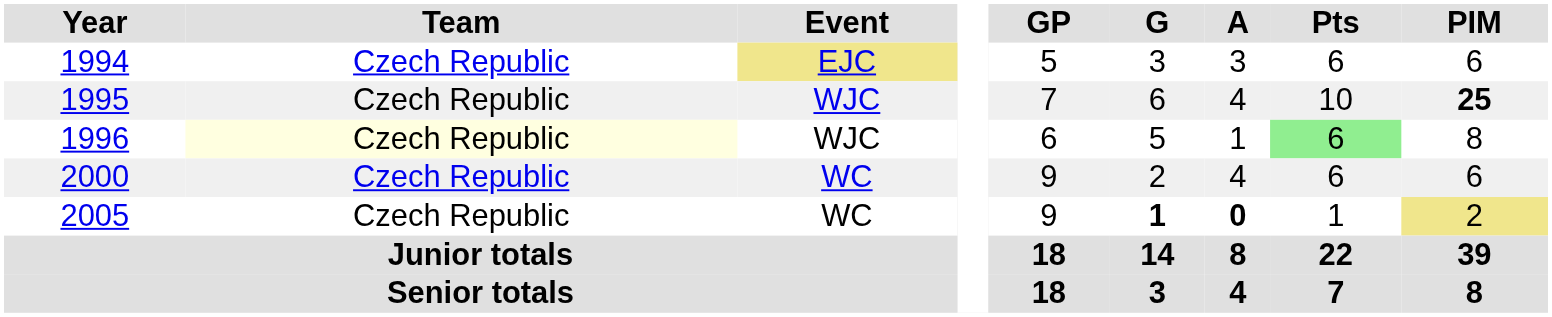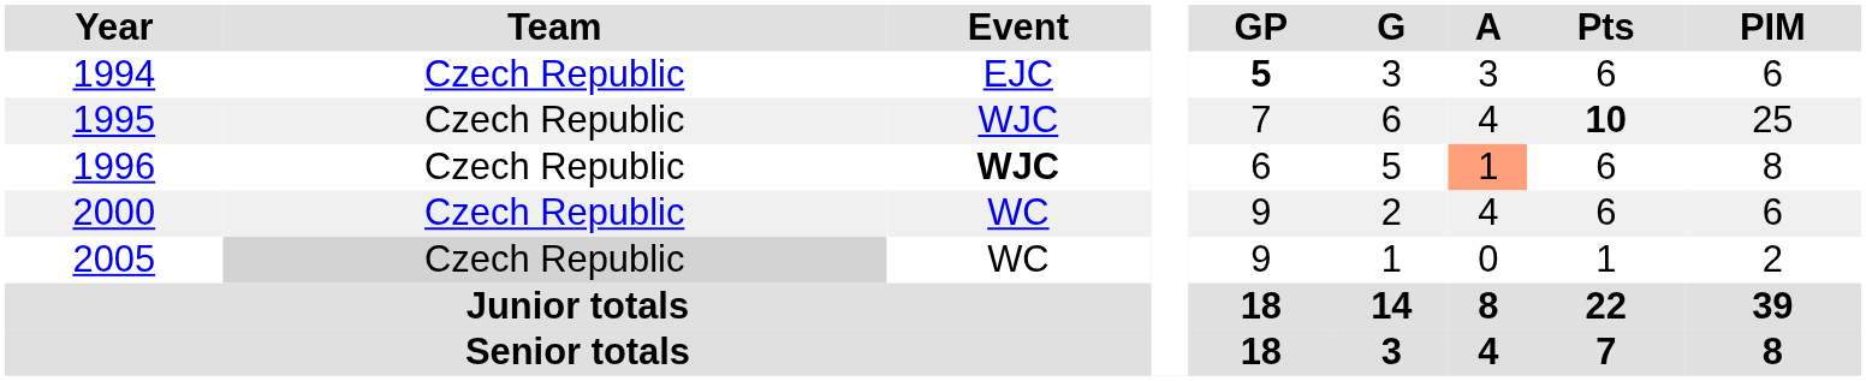 <table border="0" cellpadding="1" cellspacing="0" style="text-align:center; width:50em">
 <tr ALIGN="center" bgcolor="#e0e0e0">
 <th>Year</th>
 <th>Team</th>
 <th>Event</th>
 <th ALIGN="center" rowspan="99" bgcolor="#ffffff"> </th>
 <th>GP</th>
 <th>G</th>
 <th>A</th>
 <th>Pts</th>
 <th>PIM</th>
 </tr>
 <tr>
 <td><a href='#'>1994</a></td>
 <td><a href='#'>Czech Republic</a></td>
-<td style="background: khaki;"><a href='#'>EJC</a></td>
-<td>5</td>
+<td><a href='#'>EJC</a></td>
+<td><strong>5</strong></td>
 <td>3</td>
 <td>3</td>
 <td>6</td>
 <td>6</td>
 </tr>
 <tr bgcolor="#f0f0f0">
 <td><a href='#'>1995</a></td>
 <td>Czech Republic</td>
 <td><a href='#'>WJC</a></td>
 <td>7</td>
 <td>6</td>
 <td>4</td>
-<td>10</td>
-<td><strong>25</strong></td>
+<td><strong>10</strong></td>
+<td>25</td>
 </tr>
 <tr>
 <td><a href='#'>1996</a></td>
-<td style="background: lightyellow;">Czech Republic</td>
-<td>WJC</td>
+<td>Czech Republic</td>
+<td><strong>WJC</strong></td>
 <td>6</td>
 <td>5</td>
-<td>1</td>
-<td style="background: lightgreen;">6</td>
+<td style="background: lightsalmon;">1</td>
+<td>6</td>
 <td>8</td>
 </tr>
 <tr bgcolor="#f0f0f0">
 <td><a href='#'>2000</a></td>
 <td><a href='#'>Czech Republic</a></td>
 <td><a href='#'>WC</a></td>
 <td>9</td>
 <td>2</td>
 <td>4</td>
 <td>6</td>
 <td>6</td>
 </tr>
 <tr>
 <td><a href='#'>2005</a></td>
-<td>Czech Republic</td>
+<td style="background: lightgrey;">Czech Republic</td>
 <td>WC</td>
 <td>9</td>
-<td><strong>1</strong></td>
-<td><strong>0</strong></td>
 <td>1</td>
-<td style="background: khaki;">2</td>
+<td>0</td>
+<td>1</td>
+<td>2</td>
 </tr>
 <tr bgcolor="#e0e0e0">
 <th colspan="3">Junior totals</th>
 <th>18</th>
 <th>14</th>
 <th>8</th>
 <th>22</th>
 <th>39</th>
 </tr>
 <tr bgcolor="#e0e0e0">
 <th colspan="3">Senior totals</th>
 <th>18</th>
 <th>3</th>
 <th>4</th>
 <th>7</th>
 <th>8</th>
 </tr>
 </table>
